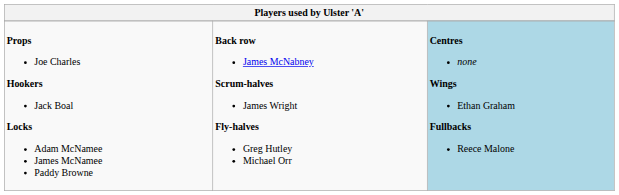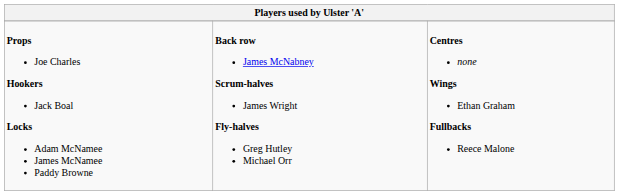 <table class="wikitable" style="text-align:left; font-size:90%; width:70%">
 <tr>
 <th colspan="100%">Players used by Ulster 'A'</th>
 </tr>
 <tr>
 </tr>
 <tr valign="top">
 <td><br><strong>Props</strong><ul><li> Joe Charles</li></ul><strong>Hookers</strong><ul><li> Jack Boal</li></ul><strong>Locks</strong><ul><li> Adam McNamee</li><li> James McNamee</li><li> Paddy Browne</li></ul></td>
 <td><br><strong>Back row</strong><ul><li> <a href='#'>James McNabney</a></li></ul><strong>Scrum-halves</strong><ul><li> James Wright</li></ul><strong>Fly-halves</strong><ul><li> Greg Hutley</li><li> Michael Orr</li></ul></td>
-<td style="background: lightblue;"><br><strong>Centres</strong><ul><li><em>none</em></li></ul><strong>Wings</strong><ul><li> Ethan Graham</li></ul><strong>Fullbacks</strong><ul><li> Reece Malone</li></ul></td>
+<td><br><strong>Centres</strong><ul><li><em>none</em></li></ul><strong>Wings</strong><ul><li> Ethan Graham</li></ul><strong>Fullbacks</strong><ul><li> Reece Malone</li></ul></td>
 </tr>
 </table>
